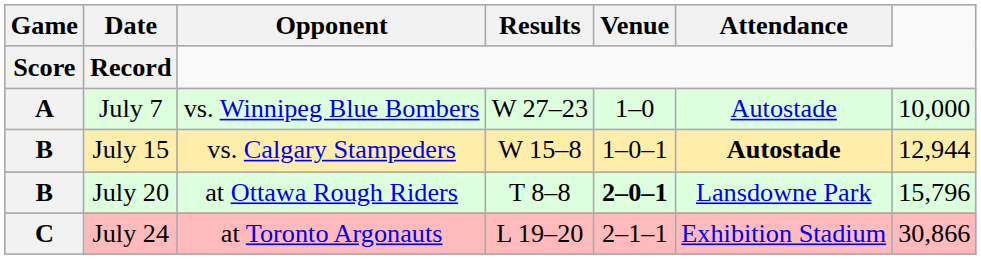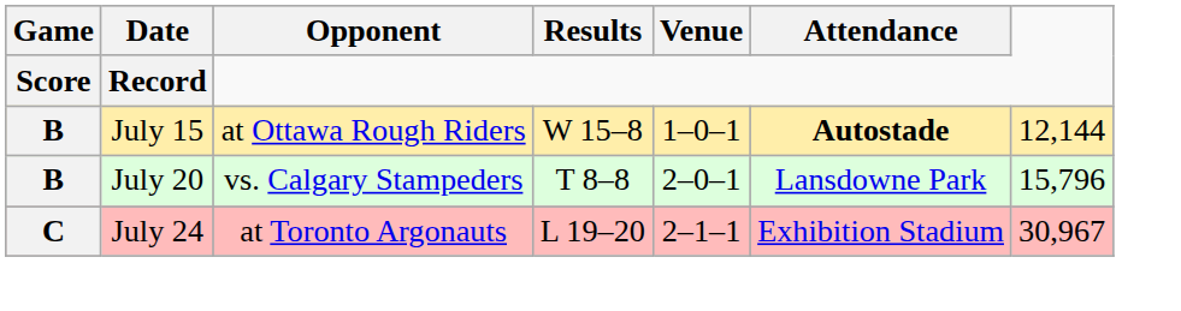 <table class="wikitable" style="text-align:center">
 <tr>
 <th>Game</th>
 <th>Date</th>
 <th>Opponent</th>
 <th>Results</th>
 <th>Venue</th>
 <th>Attendance</th>
 </tr>
 <tr>
 <th>Score</th>
 <th>Record</th>
 </tr>
-<tr style="background:#ddffdd">
-<th>A</th>
-<td>July 7</td>
-<td>vs. <a href='#'>Winnipeg Blue Bombers</a></td>
-<td>W 27–23</td>
-<td>1–0</td>
-<td><a href='#'>Autostade</a></td>
-<td>10,000</td>
-</tr>
 <tr style="background:#ffeeaa">
 <th>B</th>
 <td>July 15</td>
-<td>vs. <a href='#'>Calgary Stampeders</a></td>
+<td>at <a href='#'>Ottawa Rough Riders</a></td>
 <td>W 15–8</td>
 <td>1–0–1</td>
 <td><strong>Autostade</strong></td>
-<td>12,944</td>
+<td>12,144</td>
 </tr>
 <tr style="background:#ddffdd">
 <th>B</th>
 <td>July 20</td>
-<td>at <a href='#'>Ottawa Rough Riders</a></td>
+<td>vs. <a href='#'>Calgary Stampeders</a></td>
 <td>T 8–8</td>
-<td><strong>2–0–1</strong></td>
+<td>2–0–1</td>
 <td><a href='#'>Lansdowne Park</a></td>
 <td>15,796</td>
 </tr>
 <tr style="background:#ffbbbb">
 <th>C</th>
 <td>July 24</td>
 <td>at <a href='#'>Toronto Argonauts</a></td>
 <td>L 19–20</td>
 <td>2–1–1</td>
 <td><a href='#'>Exhibition Stadium</a></td>
-<td>30,866</td>
+<td>30,967</td>
 </tr>
 </table>
